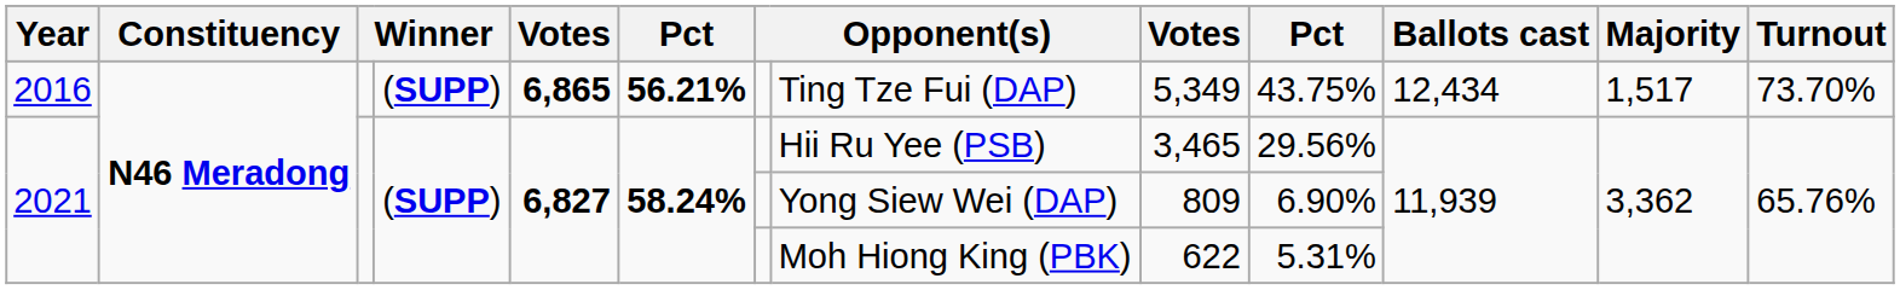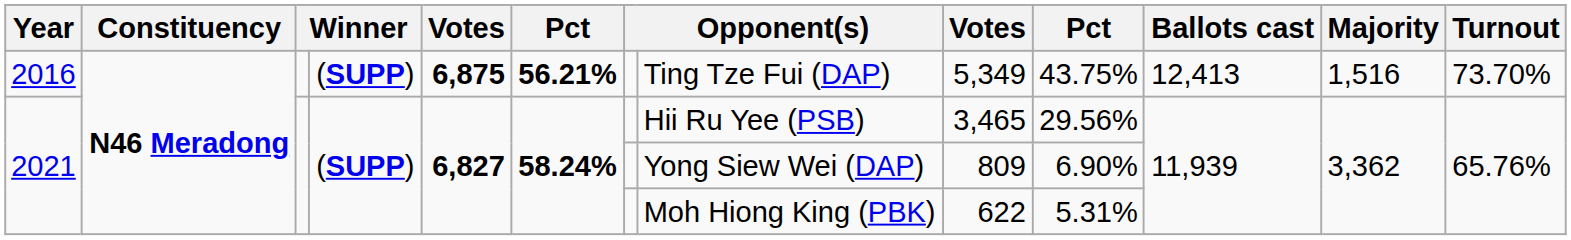 <table class="wikitable" style="margin:0.5em ; font-size:95%">
 <tr>
 <th>Year</th>
 <th>Constituency</th>
 <th colspan=2>Winner</th>
 <th>Votes</th>
 <th>Pct</th>
 <th colspan=2>Opponent(s)</th>
 <th>Votes</th>
 <th>Pct</th>
 <th>Ballots cast</th>
 <th>Majority</th>
 <th>Turnout</th>
 </tr>
 <tr>
 <td><a href='#'>2016</a></td>
 <td rowspan="4"><strong>N46 <a href='#'>Meradong</a></strong></td>
 <td></td>
 <td> (<a href='#'><strong>SUPP</strong></a>)</td>
-<td align="right"><strong>6,865</strong></td>
+<td align="right"><strong>6,875</strong></td>
 <td><strong>56.21%</strong></td>
 <td></td>
 <td>Ting Tze Fui (<a href='#'>DAP</a>)</td>
 <td align="right">5,349</td>
 <td>43.75%</td>
-<td>12,434</td>
-<td>1,517</td>
+<td>12,413</td>
+<td>1,516</td>
 <td>73.70%</td>
 </tr>
 <tr>
 <td rowspan="3"><a href='#'>2021</a></td>
 <td rowspan="3" ></td>
 <td rowspan="3"> (<a href='#'><strong>SUPP</strong></a>)</td>
 <td rowspan="3" align="right"><strong>6,827</strong></td>
 <td rowspan="3"><strong>58.24%</strong></td>
 <td></td>
 <td>Hii Ru Yee (<a href='#'>PSB</a>)</td>
 <td align="right">3,465</td>
 <td>29.56%</td>
 <td rowspan="3">11,939</td>
 <td rowspan="3">3,362</td>
 <td rowspan="3">65.76%</td>
 </tr>
 <tr>
 <td></td>
 <td>Yong Siew Wei (<a href='#'>DAP</a>)</td>
 <td align="right">809</td>
 <td align="right">6.90%</td>
 </tr>
 <tr>
 <td></td>
 <td>Moh Hiong King (<a href='#'>PBK</a>)</td>
 <td align="right">622</td>
 <td align="right">5.31%</td>
 </tr>
 </table>
